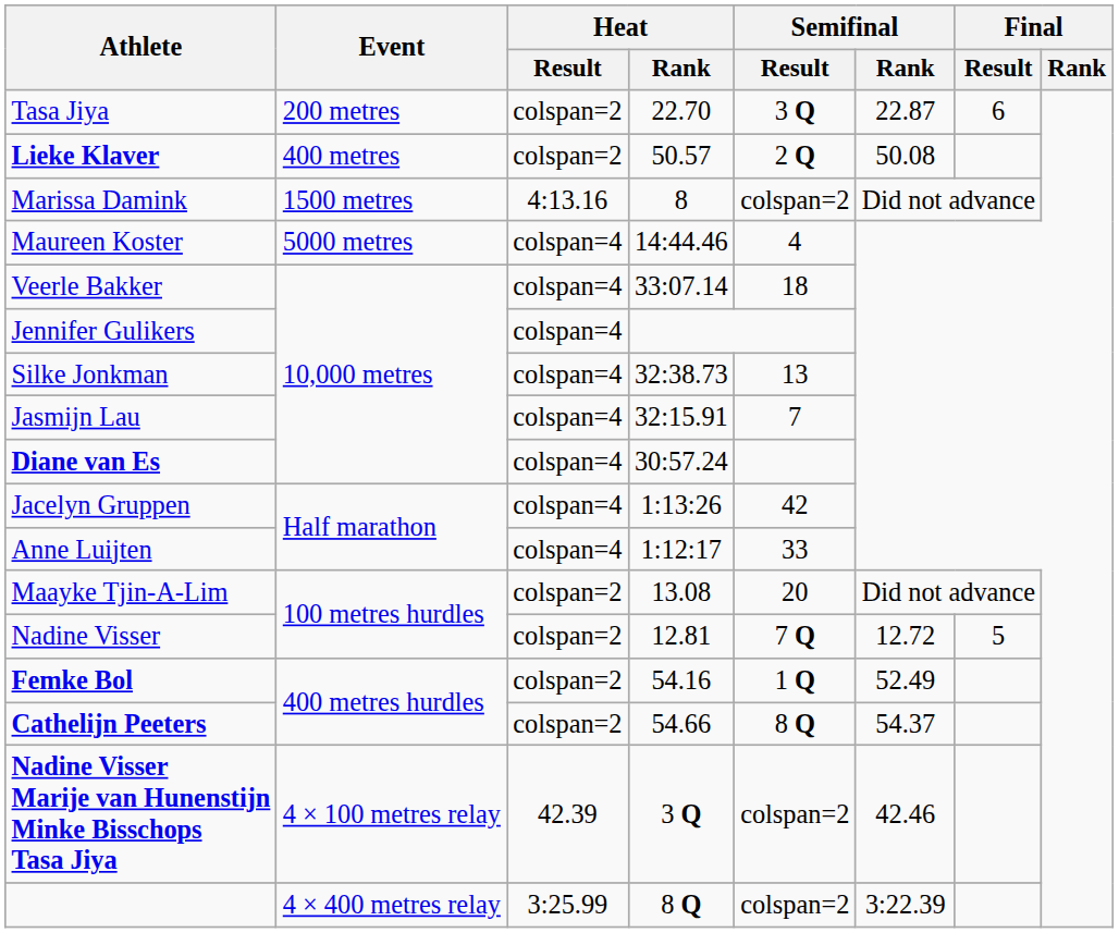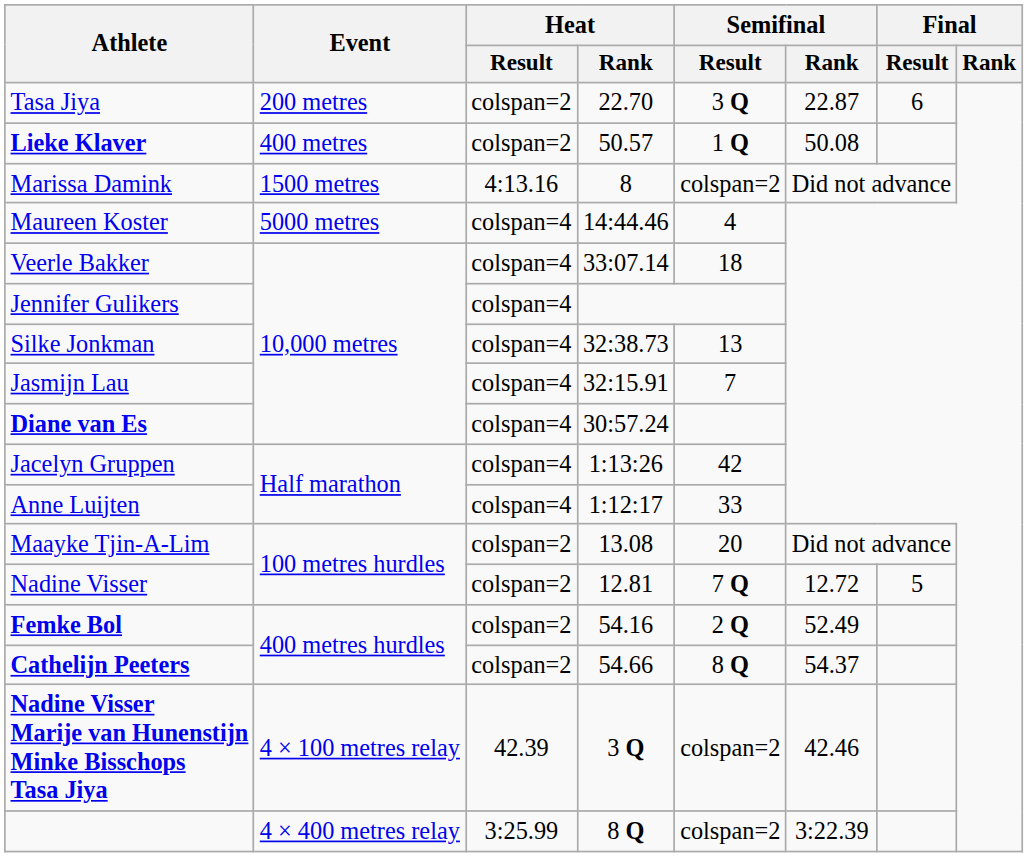 <table class=wikitable style=font-size:90%>
 <tr>
 <th rowspan=2>Athlete</th>
 <th rowspan=2>Event</th>
 <th colspan=2>Heat</th>
 <th colspan=2>Semifinal</th>
 <th colspan=2>Final</th>
 </tr>
 <tr style=font-size:95%>
 <th>Result</th>
 <th>Rank</th>
 <th>Result</th>
 <th>Rank</th>
 <th>Result</th>
 <th>Rank</th>
 </tr>
 <tr align=center>
 <td align=left><a href='#'>Tasa Jiya</a></td>
 <td align=left><a href='#'>200 metres</a></td>
 <td>colspan=2</td>
 <td>22.70 </td>
 <td>3 <strong>Q</strong></td>
 <td>22.87</td>
 <td>6</td>
 </tr>
 <tr align=center>
 <td align=left><strong><a href='#'>Lieke Klaver</a></strong></td>
 <td align=left><a href='#'>400 metres</a></td>
 <td>colspan=2</td>
 <td>50.57</td>
-<td>2 <strong>Q</strong></td>
+<td>1 <strong>Q</strong></td>
 <td>50.08 </td>
 <td></td>
 </tr>
 <tr align=center>
 <td align=left><a href='#'>Marissa Damink</a></td>
 <td align=left><a href='#'>1500 metres</a></td>
 <td>4:13.16</td>
 <td>8</td>
 <td>colspan=2</td>
 <td colspan=2>Did not advance</td>
 </tr>
 <tr align=center>
 <td align=left><a href='#'>Maureen Koster</a></td>
 <td align=left><a href='#'>5000 metres</a></td>
 <td>colspan=4</td>
 <td>14:44.46 </td>
 <td>4</td>
 </tr>
 <tr align=center>
 <td align=left><a href='#'>Veerle Bakker</a></td>
 <td align=left rowspan=5><a href='#'>10,000 metres</a></td>
 <td>colspan=4</td>
 <td>33:07.14</td>
 <td>18</td>
 </tr>
 <tr align=center>
 <td align=left><a href='#'>Jennifer Gulikers</a></td>
 <td>colspan=4</td>
 <td colspan=2></td>
 </tr>
 <tr align=center>
 <td align=left><a href='#'>Silke Jonkman</a></td>
 <td>colspan=4</td>
 <td>32:38.73 </td>
 <td>13</td>
 </tr>
 <tr align=center>
 <td align=left><a href='#'>Jasmijn Lau</a></td>
 <td>colspan=4</td>
 <td>32:15.91 </td>
 <td>7</td>
 </tr>
 <tr align=center>
 <td align=left><strong><a href='#'>Diane van Es</a></strong></td>
 <td>colspan=4</td>
 <td>30:57.24 </td>
 <td></td>
 </tr>
 <tr align=center>
 <td align=left><a href='#'>Jacelyn Gruppen</a></td>
 <td align=left rowspan=2><a href='#'>Half marathon</a></td>
 <td>colspan=4</td>
 <td>1:13:26</td>
 <td>42</td>
 </tr>
 <tr align=center>
 <td align=left><a href='#'>Anne Luijten</a></td>
 <td>colspan=4</td>
 <td>1:12:17</td>
 <td>33</td>
 </tr>
 <tr align=center>
 <td align=left><a href='#'>Maayke Tjin-A-Lim</a></td>
 <td align=left rowspan=2><a href='#'>100 metres hurdles</a></td>
 <td>colspan=2</td>
 <td>13.08</td>
 <td>20</td>
 <td colspan=2>Did not advance</td>
 </tr>
 <tr align=center>
 <td align=left><a href='#'>Nadine Visser</a></td>
 <td>colspan=2</td>
 <td>12.81</td>
 <td>7 <strong>Q</strong></td>
 <td>12.72 </td>
 <td>5</td>
 </tr>
 <tr align=center>
 <td align=left><strong><a href='#'>Femke Bol</a></strong></td>
 <td align=left rowspan=2><a href='#'>400 metres hurdles</a></td>
 <td>colspan=2</td>
 <td>54.16</td>
-<td>1 <strong>Q</strong></td>
+<td>2 <strong>Q</strong></td>
 <td>52.49  </td>
 <td></td>
 </tr>
 <tr align=center>
 <td align=left><strong><a href='#'>Cathelijn Peeters</a></strong></td>
 <td>colspan=2</td>
 <td>54.66</td>
 <td>8 <strong>Q</strong></td>
 <td>54.37</td>
 <td></td>
 </tr>
 <tr align=center>
 <td align=left><strong><a href='#'>Nadine Visser</a><br><a href='#'>Marije van Hunenstijn</a><br><a href='#'>Minke Bisschops</a><br><a href='#'>Tasa Jiya</a></strong></td>
 <td align=left><a href='#'>4 × 100 metres relay</a></td>
 <td>42.39 </td>
 <td>3 <strong>Q</strong></td>
 <td>colspan=2</td>
 <td>42.46</td>
 <td></td>
 </tr>
 <tr align=center>
 <td align=left></td>
 <td align=left><a href='#'>4 × 400 metres relay</a></td>
 <td>3:25.99</td>
 <td>8 <strong>Q</strong></td>
 <td>colspan=2</td>
 <td>3:22.39 </td>
 <td></td>
 </tr>
 </table>
